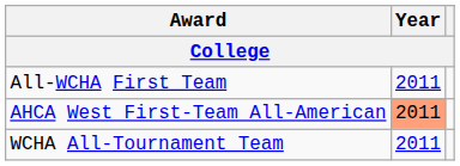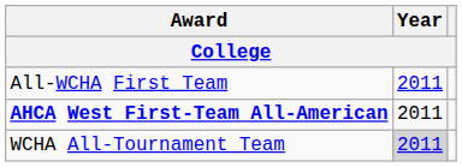 <table class="wikitable">
 <tr>
 <th>Award</th>
 <th>Year</th>
 <th></th>
 </tr>
 <tr>
 <th colspan="3"><a href='#'>College</a></th>
 </tr>
 <tr>
 <td>All-<a href='#'>WCHA</a> <a href='#'>First Team</a></td>
 <td><a href='#'>2011</a></td>
 <td></td>
 </tr>
 <tr>
-<td><a href='#'>AHCA</a> <a href='#'>West First-Team All-American</a></td>
-<td style="background: lightsalmon;">2011</td>
+<td><strong><a href='#'>AHCA</a> <a href='#'>West First-Team All-American</a></strong></td>
+<td>2011</td>
 <td></td>
 </tr>
 <tr>
 <td>WCHA <a href='#'>All-Tournament Team</a></td>
-<td><a href='#'>2011</a></td>
+<td style="background: lightgrey;"><a href='#'>2011</a></td>
 <td></td>
 </tr>
 </table>
